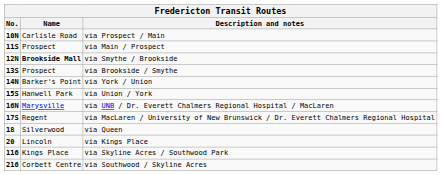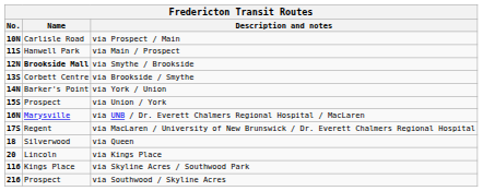 <table class="wikitable" style="font-size:90%; border:1px;">
 <tr>
 <th colspan="4"><big>Fredericton Transit Routes</big></th>
 </tr>
 <tr>
 <th>No.</th>
 <th>Name</th>
 <th>Description and notes</th>
 </tr>
 <tr>
 <td><strong>10N</strong></td>
 <td>Carlisle Road</td>
 <td>via Prospect / Main</td>
 </tr>
 <tr>
 <td><strong>11S</strong></td>
-<td>Prospect</td>
+<td>Hanwell Park</td>
 <td>via Main / Prospect</td>
 </tr>
 <tr>
 <td><strong>12N</strong></td>
 <td><strong>Brookside Mall</strong></td>
 <td>via Smythe / Brookside</td>
 </tr>
 <tr>
 <td><strong>13S</strong></td>
-<td>Prospect</td>
+<td>Corbett Centre</td>
 <td>via Brookside / Smythe</td>
 </tr>
 <tr>
 <td><strong>14N</strong></td>
 <td>Barker's Point</td>
 <td>via York / Union</td>
 </tr>
 <tr>
 <td><strong>15S</strong></td>
-<td>Hanwell Park</td>
+<td>Prospect</td>
 <td>via Union / York</td>
 </tr>
 <tr>
 <td><strong>16N</strong></td>
 <td><a href='#'>Marysville</a></td>
 <td>via <a href='#'>UNB</a> / Dr. Everett Chalmers Regional Hospital / MacLaren</td>
 </tr>
 <tr>
 <td><strong>17S</strong></td>
 <td>Regent</td>
 <td>via MacLaren / University of New Brunswick / Dr. Everett Chalmers Regional Hospital</td>
 </tr>
 <tr>
 <td><strong>18</strong></td>
 <td>Silverwood</td>
 <td>via Queen</td>
 </tr>
 <tr>
 <td><strong>20</strong></td>
 <td>Lincoln</td>
 <td>via Kings Place</td>
 </tr>
 <tr>
 <td><strong>116</strong></td>
 <td>Kings Place</td>
 <td>via Skyline Acres / Southwood Park</td>
 </tr>
 <tr>
 <td><strong>216</strong></td>
-<td>Corbett Centre</td>
+<td>Prospect</td>
 <td>via Southwood / Skyline Acres</td>
 </tr>
 <tr>
 </tr>
 </table>
